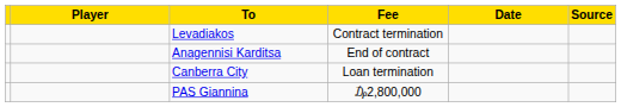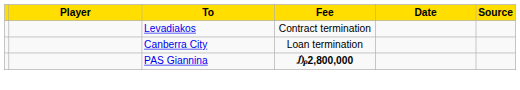 <table class="wikitable sortable">
 <tr>
 <th style="background:#FFDE00"></th>
 <th width=200 style="background:#FFDE00">Player</th>
 <th width=200 style="background:#FFDE00">To</th>
 <th width=150 style="background:#FFDE00">Fee</th>
 <th width=150 style="background:#FFDE00">Date</th>
 <th style="background:#FFDE00">Source</th>
 </tr>
 <tr>
 <td align=center></td>
 <td></td>
 <td> <a href='#'>Levadiakos</a></td>
 <td align=center>Contract termination</td>
 <td align=center></td>
 <td align=center></td>
 </tr>
 <tr>
 <td align=center></td>
 <td></td>
-<td> <a href='#'>Anagennisi Karditsa</a></td>
-<td align=center>End of contract</td>
-<td align=center></td>
-<td align=center></td>
-</tr>
-<tr>
-<td align=center></td>
-<td></td>
 <td> <a href='#'>Canberra City</a></td>
 <td align=center>Loan termination</td>
 <td align=center></td>
 <td align=center></td>
 </tr>
 <tr>
 <td align=center></td>
 <td></td>
 <td> <a href='#'>PAS Giannina</a></td>
-<td align=center>₯2,800,000</td>
+<td align=center><strong>₯2,800,000</strong></td>
 <td align=center></td>
 <td align=center></td>
 </tr>
 </table>
